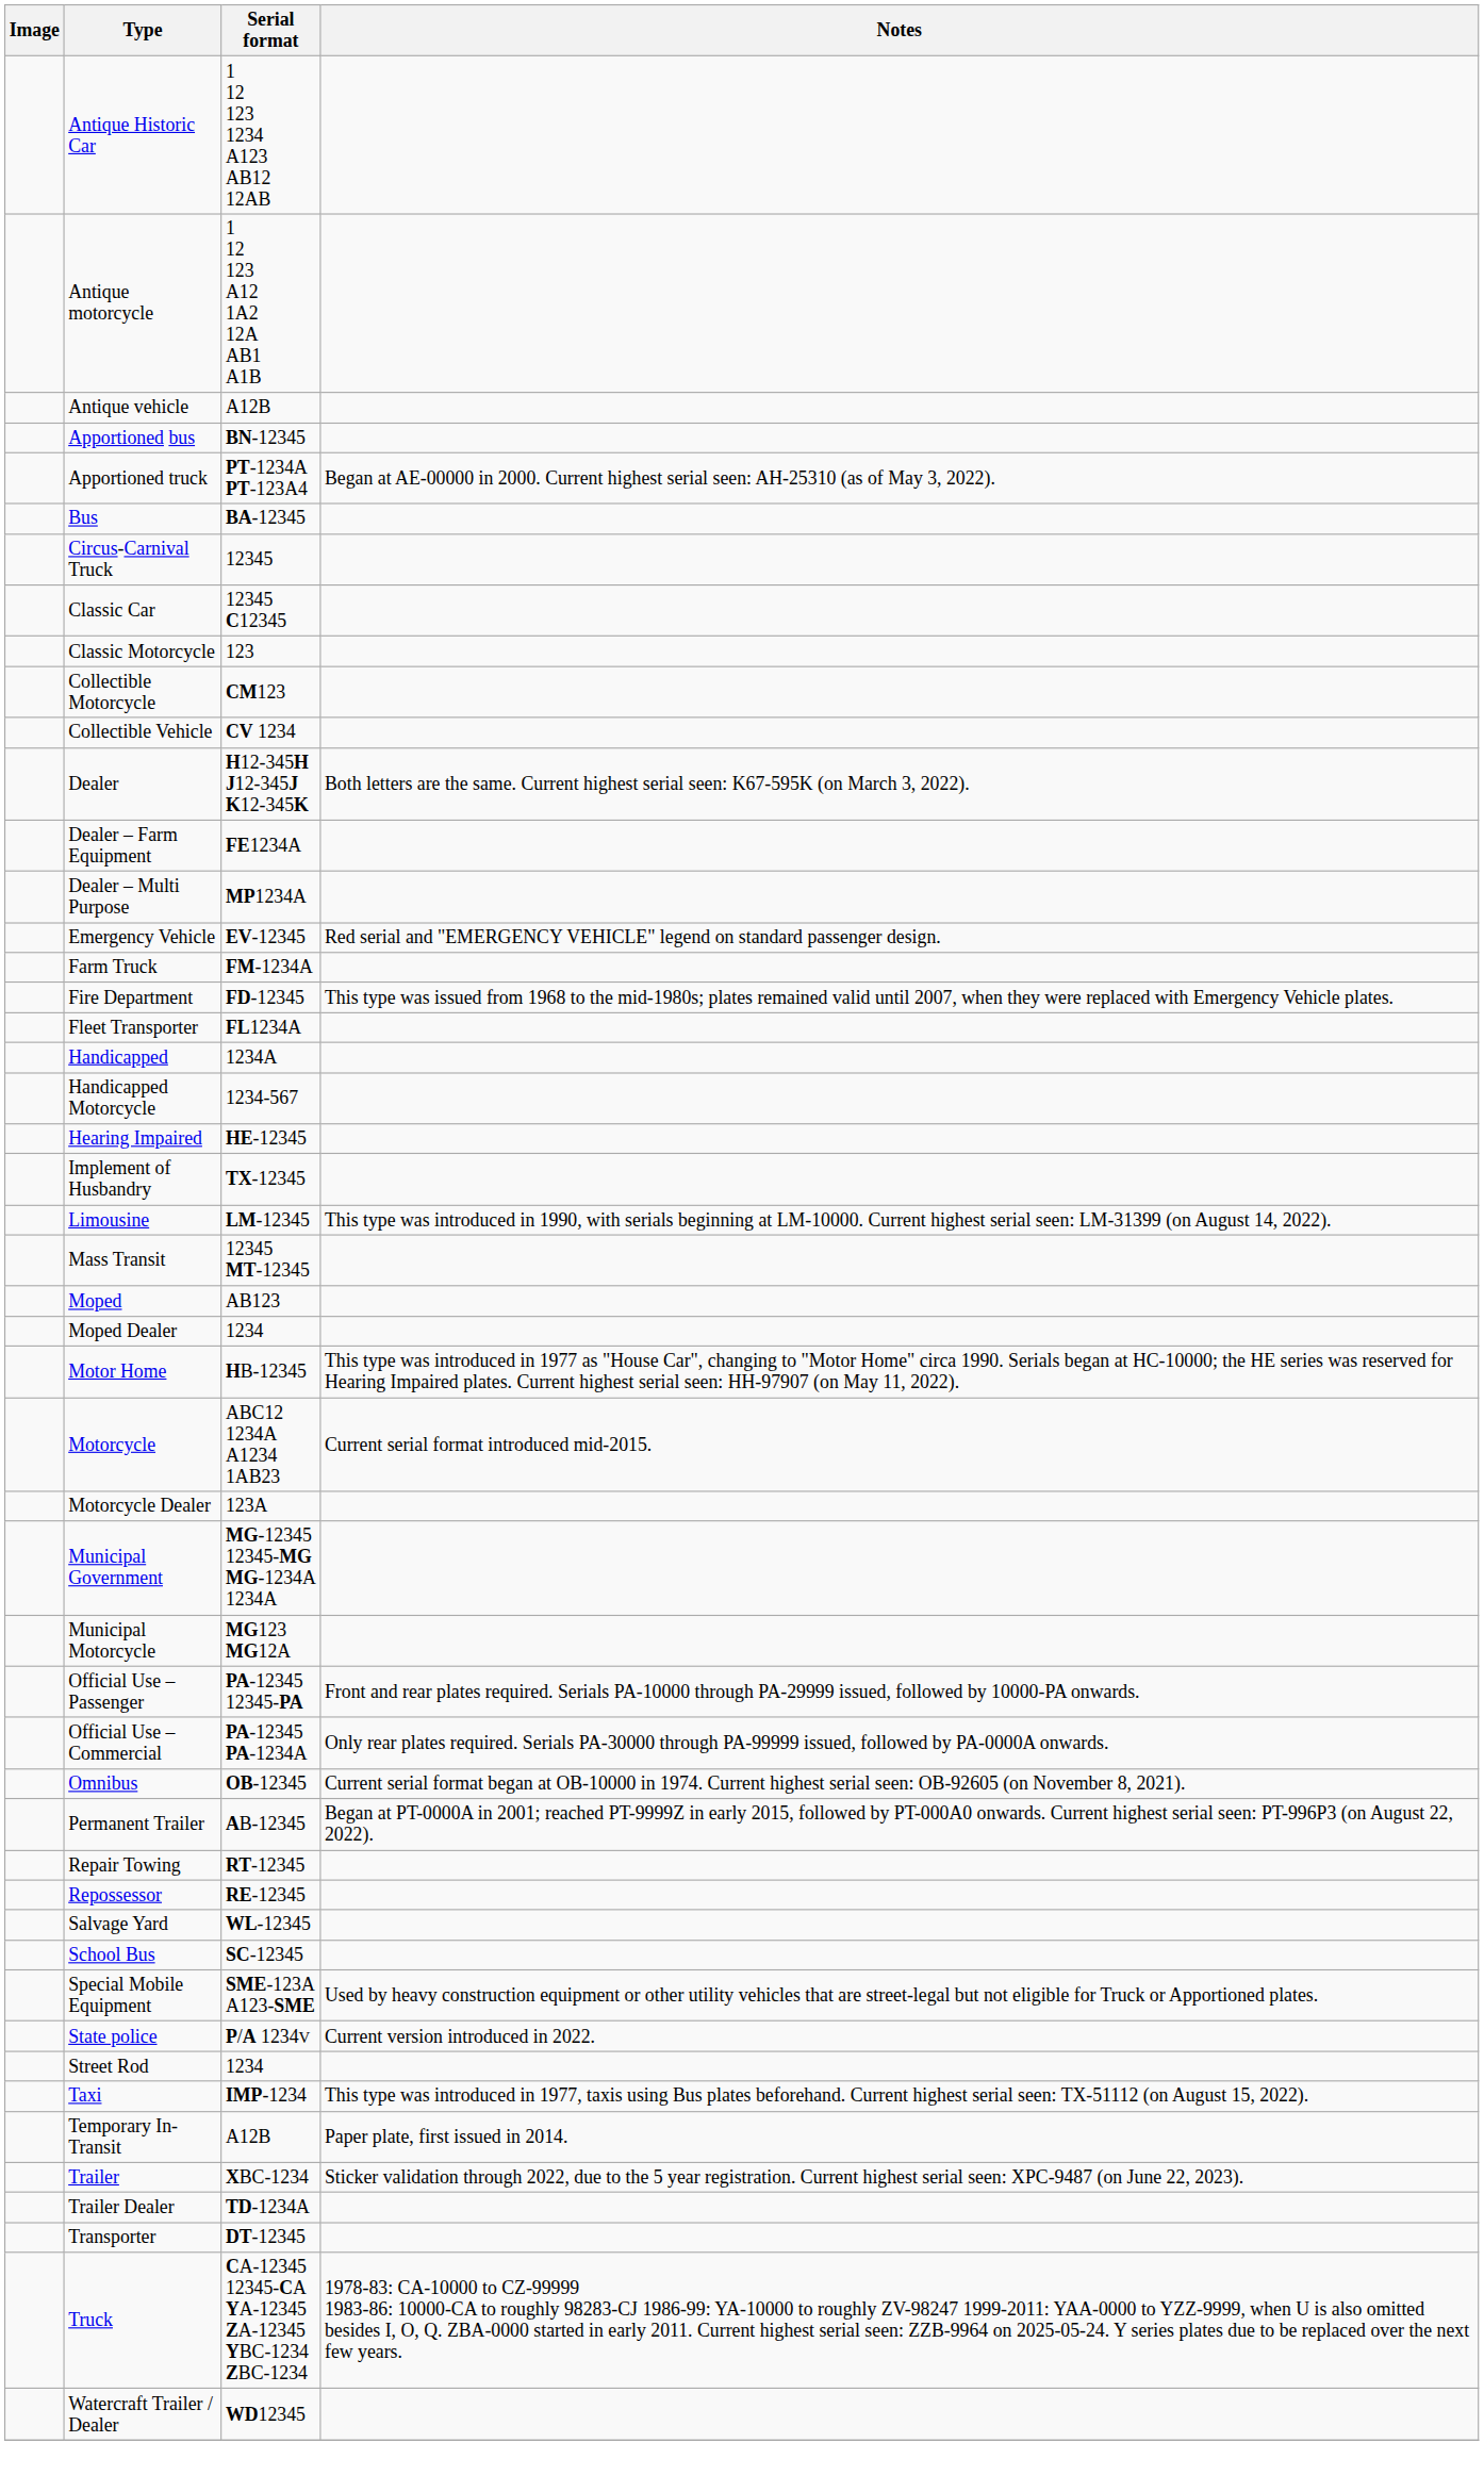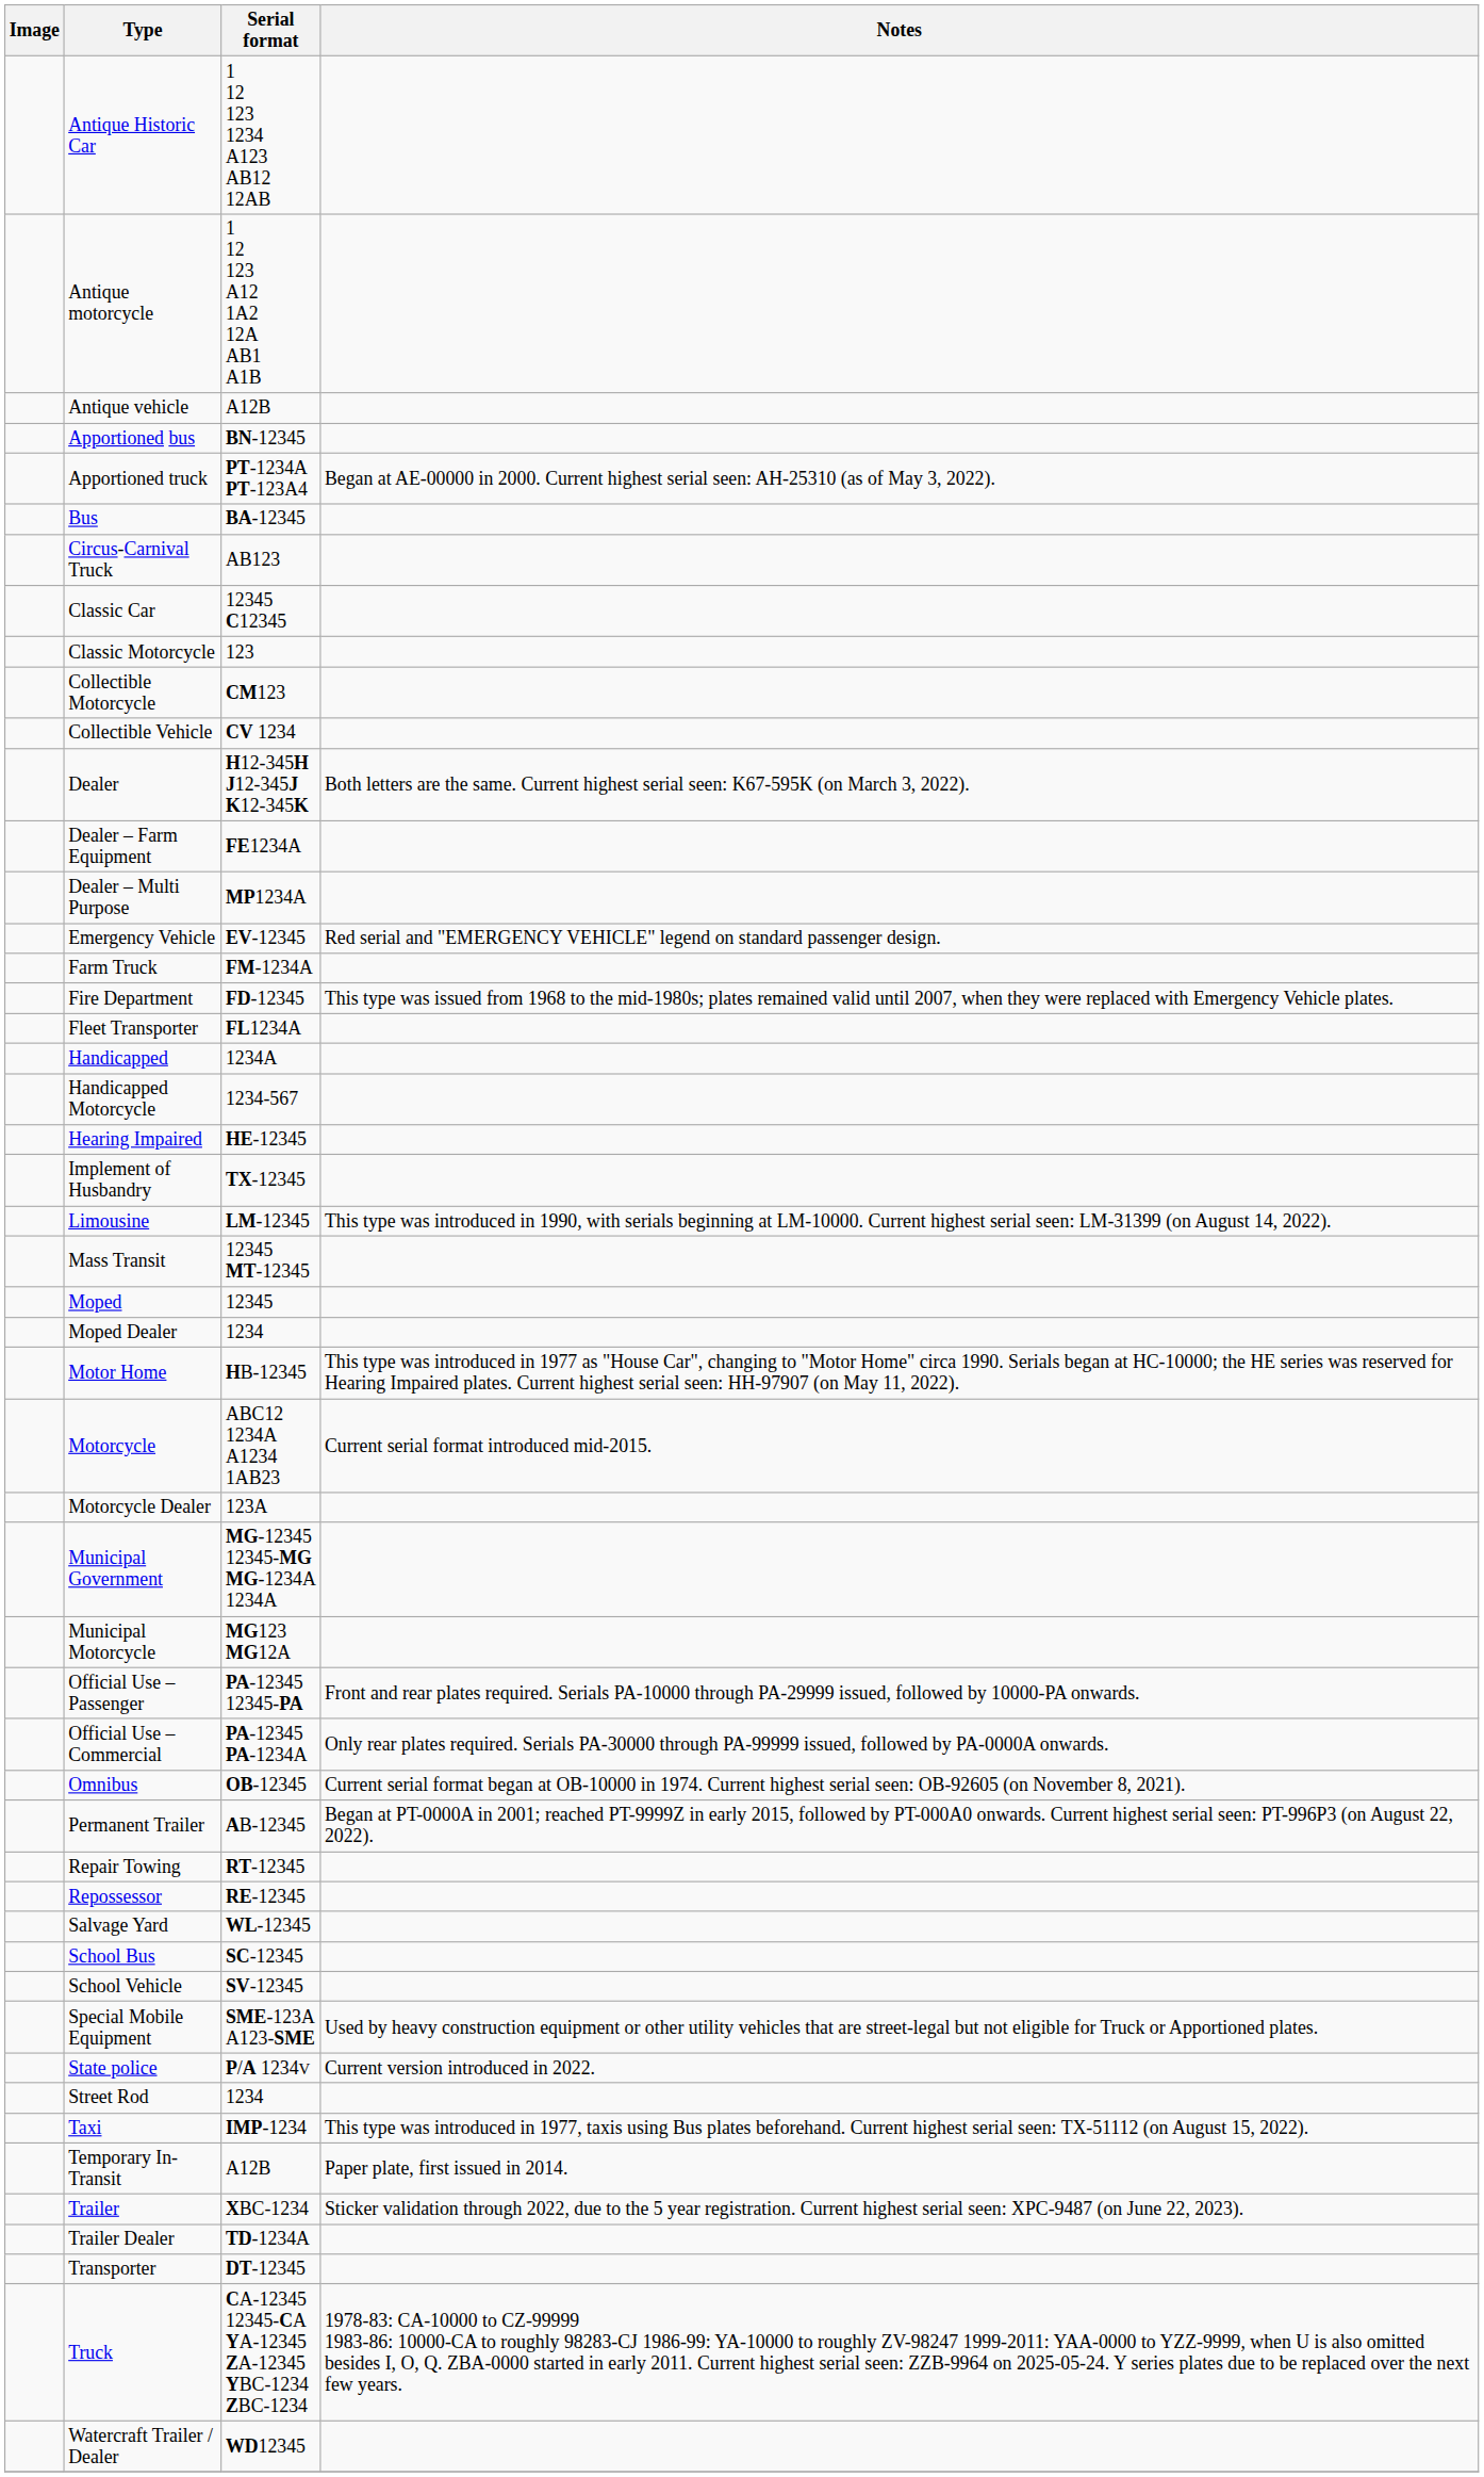 <table class="wikitable">
 <tr>
 <th>Image</th>
 <th>Type</th>
 <th style="width:70px">Serial format</th>
 <th>Notes</th>
 </tr>
 <tr>
 <td></td>
 <td><a href='#'>Antique Historic Car</a></td>
 <td>1<br>12<br>123<br>1234<br>A123<br>AB12<br>12AB</td>
 <td></td>
 </tr>
 <tr>
 <td></td>
 <td>Antique motorcycle</td>
 <td>1<br>12<br>123<br>A12<br>1A2<br>12A<br>AB1<br>A1B</td>
 <td></td>
 </tr>
 <tr>
 <td></td>
 <td>Antique vehicle</td>
 <td>A12B</td>
 <td></td>
 </tr>
 <tr>
 <td></td>
 <td><a href='#'>Apportioned</a> <a href='#'>bus</a></td>
 <td><strong>BN</strong>-12345</td>
 <td></td>
 </tr>
 <tr>
 <td></td>
 <td>Apportioned truck</td>
 <td><strong>PT</strong>-1234A<br><strong>PT</strong>-123A4</td>
 <td>Began at AE-00000 in 2000. Current highest serial seen: AH-25310 (as of May 3, 2022).</td>
 </tr>
 <tr>
 <td></td>
 <td><a href='#'>Bus</a></td>
 <td><strong>BA</strong>-12345</td>
 <td></td>
 </tr>
 <tr>
 <td></td>
 <td><a href='#'>Circus</a>-<a href='#'>Carnival</a> Truck</td>
-<td> 12345</td>
+<td>AB123</td>
 <td></td>
 </tr>
 <tr>
 <td></td>
 <td>Classic Car</td>
 <td>12345<br><strong>C</strong>12345</td>
 <td></td>
 </tr>
 <tr>
 <td></td>
 <td>Classic Motorcycle</td>
 <td> 123</td>
 <td></td>
 </tr>
 <tr>
 <td></td>
 <td>Collectible Motorcycle</td>
 <td><strong>CM</strong>123</td>
 <td></td>
 </tr>
 <tr>
 <td></td>
 <td>Collectible Vehicle</td>
 <td><strong>CV</strong> 1234</td>
 <td></td>
 </tr>
 <tr>
 <td></td>
 <td>Dealer</td>
 <td><strong>H</strong>12-345<strong>H</strong><br><strong>J</strong>12-345<strong>J</strong><br><strong>K</strong>12-345<strong>K</strong></td>
 <td>Both letters are the same. Current highest serial seen: K67-595K (on March 3, 2022).</td>
 </tr>
 <tr>
 <td></td>
 <td>Dealer – Farm Equipment</td>
 <td><strong>FE</strong>1234A</td>
 <td></td>
 </tr>
 <tr>
 <td></td>
 <td>Dealer – Multi Purpose</td>
 <td><strong>MP</strong>1234A</td>
 <td></td>
 </tr>
 <tr>
 <td></td>
 <td>Emergency Vehicle</td>
 <td><strong>EV</strong>-12345</td>
 <td>Red serial and "EMERGENCY VEHICLE" legend on standard passenger design.</td>
 </tr>
 <tr>
 <td></td>
 <td>Farm Truck</td>
 <td><strong>FM</strong>-1234A</td>
 <td></td>
 </tr>
 <tr>
 <td></td>
 <td>Fire Department</td>
 <td><strong>FD</strong>-12345</td>
 <td>This type was issued from 1968 to the mid-1980s; plates remained valid until 2007, when they were replaced with Emergency Vehicle plates.</td>
 </tr>
 <tr>
 <td></td>
 <td>Fleet Transporter</td>
 <td><strong>FL</strong>1234A</td>
 <td></td>
 </tr>
 <tr>
 <td></td>
 <td><a href='#'>Handicapped</a></td>
 <td> 1234A</td>
 <td></td>
 </tr>
 <tr>
 <td></td>
 <td>Handicapped Motorcycle</td>
 <td>1234-567</td>
 <td></td>
 </tr>
 <tr>
 <td></td>
 <td><a href='#'>Hearing Impaired</a></td>
 <td><strong>HE</strong>-12345</td>
 <td></td>
 </tr>
 <tr>
 <td></td>
 <td>Implement of Husbandry</td>
 <td><strong>TX</strong>-12345</td>
 <td></td>
 </tr>
 <tr>
 <td></td>
 <td><a href='#'>Limousine</a></td>
 <td><strong>LM</strong>-12345</td>
 <td>This type was introduced in 1990, with serials beginning at LM-10000. Current highest serial seen: LM-31399 (on August 14, 2022).</td>
 </tr>
 <tr>
 <td></td>
 <td>Mass Transit</td>
 <td>12345<br><strong>MT</strong>-12345</td>
 <td></td>
 </tr>
 <tr>
 <td></td>
 <td><a href='#'>Moped</a></td>
-<td>AB123</td>
+<td> 12345</td>
 <td></td>
 </tr>
 <tr>
 <td></td>
 <td>Moped Dealer</td>
 <td>1234</td>
 <td></td>
 </tr>
 <tr>
 <td></td>
 <td><a href='#'>Motor Home</a></td>
 <td><strong>H</strong>B-12345</td>
 <td>This type was introduced in 1977 as "House Car", changing to "Motor Home" circa 1990. Serials began at HC-10000; the HE series was reserved for Hearing Impaired plates. Current highest serial seen: HH-97907 (on May 11, 2022).</td>
 </tr>
 <tr>
 <td></td>
 <td><a href='#'>Motorcycle</a></td>
 <td>ABC12<br>1234A<br>A1234<br>1AB23</td>
 <td>Current serial format introduced mid-2015.</td>
 </tr>
 <tr>
 <td></td>
 <td>Motorcycle Dealer</td>
 <td>123A</td>
 <td></td>
 </tr>
 <tr>
 <td></td>
 <td><a href='#'>Municipal Government</a></td>
 <td><strong>MG</strong>-12345<br>12345-<strong>MG</strong><br><strong>MG</strong>-1234A<br>1234A</td>
 <td></td>
 </tr>
 <tr>
 <td></td>
 <td>Municipal Motorcycle</td>
 <td><strong>MG</strong>123<br><strong>MG</strong>12A</td>
 <td></td>
 </tr>
 <tr>
 <td></td>
 <td>Official Use – Passenger</td>
 <td><strong>PA</strong>-12345<br>12345-<strong>PA</strong></td>
 <td>Front and rear plates required. Serials PA-10000 through PA-29999 issued, followed by 10000-PA onwards.</td>
 </tr>
 <tr>
 <td></td>
 <td>Official Use – Commercial</td>
 <td><strong>PA</strong>-12345<br><strong>PA</strong>-1234A</td>
 <td>Only rear plates required. Serials PA-30000 through PA-99999 issued, followed by PA-0000A onwards.</td>
 </tr>
 <tr>
 <td></td>
 <td><a href='#'>Omnibus</a></td>
 <td><strong>OB</strong>-12345</td>
 <td>Current serial format began at OB-10000 in 1974. Current highest serial seen: OB-92605 (on November 8, 2021).</td>
 </tr>
 <tr>
 <td></td>
 <td>Permanent Trailer</td>
 <td><strong>A</strong>B-12345</td>
 <td>Began at PT-0000A in 2001; reached PT-9999Z in early 2015, followed by PT-000A0 onwards. Current highest serial seen: PT-996P3 (on August 22, 2022).</td>
 </tr>
 <tr>
 <td></td>
 <td>Repair Towing</td>
 <td><strong>RT</strong>-12345</td>
 <td></td>
 </tr>
 <tr>
 <td></td>
 <td><a href='#'>Repossessor</a></td>
 <td><strong>RE</strong>-12345</td>
 <td></td>
 </tr>
 <tr>
 <td></td>
 <td>Salvage Yard</td>
 <td><strong>WL</strong>-12345</td>
 <td></td>
 </tr>
 <tr>
 <td></td>
 <td><a href='#'>School Bus</a></td>
 <td><strong>SC</strong>-12345</td>
 <td></td>
 </tr>
 <tr>
 <td></td>
+<td>School Vehicle</td>
+<td><strong>SV</strong>-12345</td>
+<td></td>
+</tr>
+<tr>
+<td></td>
 <td>Special Mobile Equipment</td>
 <td><strong>SME</strong>-123A<br>A123-<strong>SME</strong></td>
 <td>Used by heavy construction equipment or other utility vehicles that are street-legal but not eligible for Truck or Apportioned plates.</td>
 </tr>
 <tr>
 <td></td>
 <td><a href='#'>State police</a></td>
 <td><strong>P</strong>/<strong>A</strong> 1234<small>V</small></td>
 <td>Current version introduced in 2022.</td>
 </tr>
 <tr>
 <td></td>
 <td>Street Rod</td>
 <td>1234 </td>
 <td></td>
 </tr>
 <tr>
 <td></td>
 <td><a href='#'>Taxi</a></td>
 <td><strong>IMP</strong>-1234</td>
 <td>This type was introduced in 1977, taxis using Bus plates beforehand. Current highest serial seen: TX-51112 (on August 15, 2022).</td>
 </tr>
 <tr>
 <td></td>
 <td>Temporary In-Transit</td>
 <td> A12B</td>
 <td>Paper plate, first issued in 2014.</td>
 </tr>
 <tr>
 <td></td>
 <td><a href='#'>Trailer</a></td>
 <td><strong>X</strong>BC-1234</td>
 <td>Sticker validation through 2022, due to the 5 year registration. Current highest serial seen: XPC-9487 (on June 22, 2023).</td>
 </tr>
 <tr>
 <td></td>
 <td>Trailer Dealer</td>
 <td><strong>TD</strong>-1234A</td>
 <td></td>
 </tr>
 <tr>
 <td></td>
 <td>Transporter</td>
 <td><strong>DT</strong>-12345</td>
 <td></td>
 </tr>
 <tr>
 <td></td>
 <td><a href='#'>Truck</a></td>
 <td><strong>C</strong>A-12345<br>12345-<strong>C</strong>A <strong>Y</strong>A-12345 <strong>Z</strong>A-12345 <strong>Y</strong>BC-1234<br><strong>Z</strong>BC-1234</td>
 <td>1978-83: CA-10000 to CZ-99999<br>1983-86: 10000-CA to roughly 98283-CJ 1986-99: YA-10000 to roughly ZV-98247 1999-2011: YAA-0000 to YZZ-9999, when U is also omitted besides I, O, Q. ZBA-0000 started in early 2011.  Current highest serial seen: ZZB-9964 on 2025-05-24. Y series plates due to be replaced over the next few years.</td>
 </tr>
 <tr>
 <td></td>
 <td>Watercraft Trailer / Dealer</td>
 <td><strong>WD</strong>12345</td>
 <td></td>
 </tr>
 <tr>
 </tr>
 </table>
